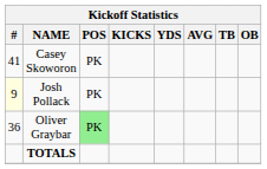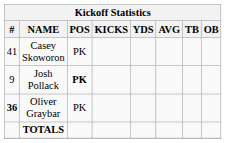 <table style="width:30%; text-align:center;" class="wikitable collapsible collapsed">
 <tr>
 <th colspan="8">Kickoff Statistics</th>
 </tr>
 <tr>
 <th>#</th>
 <th>NAME</th>
 <th>POS</th>
 <th>KICKS</th>
 <th>YDS</th>
 <th>AVG</th>
 <th>TB</th>
 <th>OB</th>
 </tr>
 <tr>
 <td>41</td>
 <td>Casey Skoworon</td>
 <td>PK</td>
 <td></td>
 <td></td>
 <td></td>
 <td></td>
 <td></td>
 </tr>
 <tr>
-<td style="background: lightyellow;">9</td>
+<td>9</td>
 <td>Josh Pollack</td>
-<td>PK</td>
+<td><strong>PK</strong></td>
 <td></td>
 <td></td>
 <td></td>
 <td></td>
 <td></td>
 </tr>
 <tr>
-<td>36</td>
+<td><strong>36</strong></td>
 <td>Oliver Graybar</td>
-<td style="background: lightgreen;">PK</td>
+<td>PK</td>
 <td></td>
 <td></td>
 <td></td>
 <td></td>
 <td></td>
 </tr>
 <tr>
 <td></td>
 <td><strong>TOTALS</strong></td>
 <td></td>
 <td><strong> </strong></td>
 <td><strong> </strong></td>
 <td><strong> </strong></td>
 <td><strong> </strong></td>
 <td><strong> </strong></td>
 </tr>
 <tr>
 </tr>
 </table>
